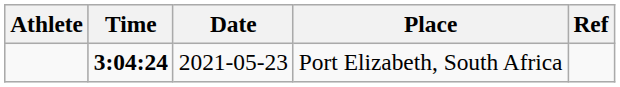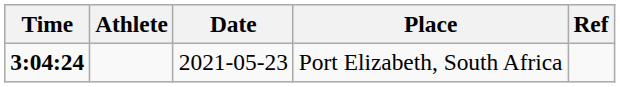 <table class="wikitable sortable" style="font-size:95%">
 <tr>
+<th>Time</th>
 <th>Athlete</th>
-<th>Time</th>
 <th>Date</th>
 <th>Place</th>
 <th>Ref</th>
 </tr>
 <tr>
+<td align=center><strong>3:04:24</strong></td>
 <td></td>
-<td align=center><strong>3:04:24</strong></td>
 <td>2021-05-23</td>
 <td>Port Elizabeth, South Africa</td>
 <td></td>
 </tr>
 </table>
